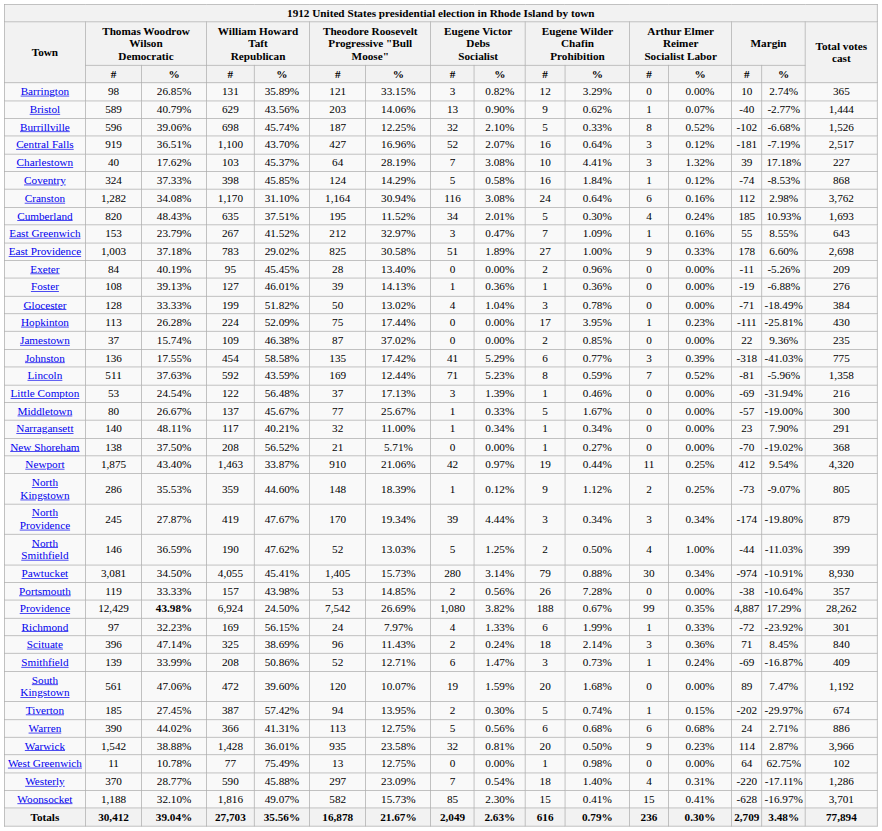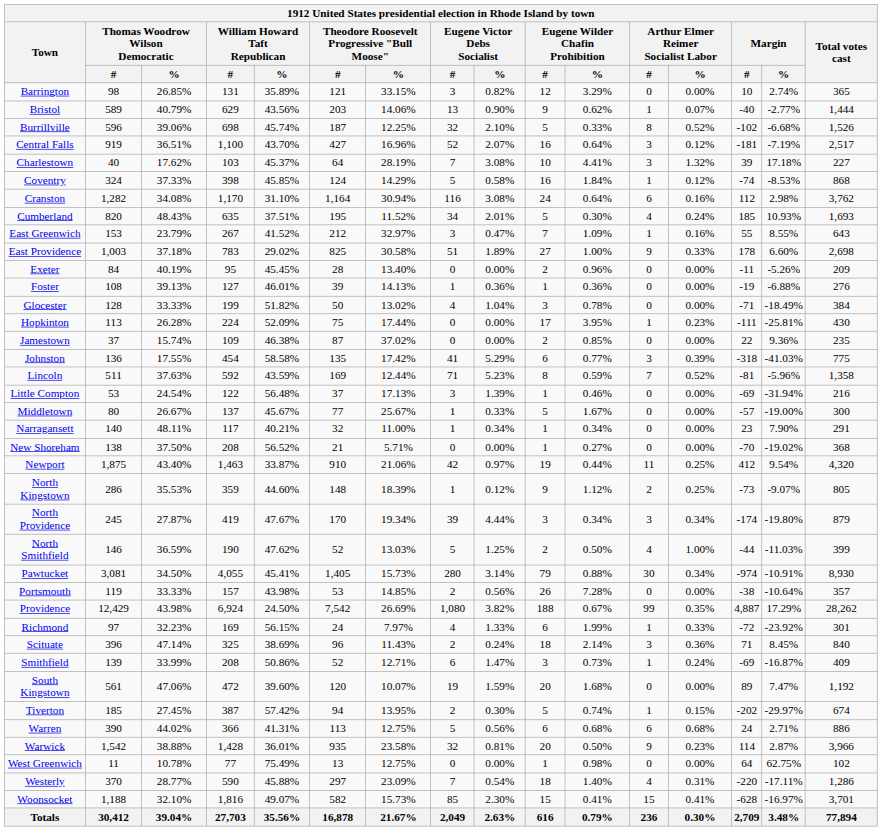 <table class="wikitable sortable mw-collapsible mw-collapsed">
 <tr>
 <th colspan="16">1912 United States presidential election in Rhode Island by town</th>
 </tr>
 <tr>
 <th rowspan="2">Town</th>
 <th colspan="2" style="text-align:center;">Thomas Woodrow Wilson<br>Democratic</th>
 <th colspan="2" style="text-align:center;">William Howard Taft<br>Republican</th>
 <th colspan="2" style="text-align:center;">Theodore Roosevelt<br>Progressive "Bull Moose"</th>
 <th colspan="2" style="text-align:center;">Eugene Victor Debs<br>Socialist</th>
 <th colspan="2" style="text-align:center;">Eugene Wilder Chafin<br>Prohibition</th>
 <th colspan="2" style="text-align:center;">Arthur Elmer Reimer<br>Socialist Labor</th>
 <th colspan="2" style="text-align:center;">Margin</th>
 <th colspan="1" rowspan="2" style="text-align:center;">Total votes cast</th>
 </tr>
 <tr>
 <th style="text-align:center;" data-sort-type="number">#</th>
 <th style="text-align:center;" data-sort-type="number">%</th>
 <th style="text-align:center;" data-sort-type="number">#</th>
 <th style="text-align:center;" data-sort-type="number">%</th>
 <th style="text-align:center;" data-sort-type="number">#</th>
 <th style="text-align:center;" data-sort-type="number">%</th>
 <th style="text-align:center;" data-sort-type="number">#</th>
 <th style="text-align:center;" data-sort-type="number">%</th>
 <th style="text-align:center;" data-sort-type="number">#</th>
 <th style="text-align:center;" data-sort-type="number">%</th>
 <th style="text-align:center;" data-sort-type="number">#</th>
 <th style="text-align:center;" data-sort-type="number">%</th>
 <th style="text-align:center;" data-sort-type="number">#</th>
 <th style="text-align:center;" data-sort-type="number">%</th>
 </tr>
 <tr style="text-align:center;">
 <td><a href='#'>Barrington</a></td>
 <td>98</td>
 <td>26.85%</td>
 <td>131</td>
 <td>35.89%</td>
 <td>121</td>
 <td>33.15%</td>
 <td>3</td>
 <td>0.82%</td>
 <td>12</td>
 <td>3.29%</td>
 <td>0</td>
 <td>0.00%</td>
 <td>10</td>
 <td>2.74%</td>
 <td>365</td>
 </tr>
 <tr style="text-align:center;">
 <td><a href='#'>Bristol</a></td>
 <td>589</td>
 <td>40.79%</td>
 <td>629</td>
 <td>43.56%</td>
 <td>203</td>
 <td>14.06%</td>
 <td>13</td>
 <td>0.90%</td>
 <td>9</td>
 <td>0.62%</td>
 <td>1</td>
 <td>0.07%</td>
 <td>-40</td>
 <td>-2.77%</td>
 <td>1,444</td>
 </tr>
 <tr style="text-align:center;">
 <td><a href='#'>Burrillville</a></td>
 <td>596</td>
 <td>39.06%</td>
 <td>698</td>
 <td>45.74%</td>
 <td>187</td>
 <td>12.25%</td>
 <td>32</td>
 <td>2.10%</td>
 <td>5</td>
 <td>0.33%</td>
 <td>8</td>
 <td>0.52%</td>
 <td>-102</td>
 <td>-6.68%</td>
 <td>1,526</td>
 </tr>
 <tr style="text-align:center;">
 <td><a href='#'>Central Falls</a></td>
 <td>919</td>
 <td>36.51%</td>
 <td>1,100</td>
 <td>43.70%</td>
 <td>427</td>
 <td>16.96%</td>
 <td>52</td>
 <td>2.07%</td>
 <td>16</td>
 <td>0.64%</td>
 <td>3</td>
 <td>0.12%</td>
 <td>-181</td>
 <td>-7.19%</td>
 <td>2,517</td>
 </tr>
 <tr style="text-align:center;">
 <td><a href='#'>Charlestown</a></td>
 <td>40</td>
 <td>17.62%</td>
 <td>103</td>
 <td>45.37%</td>
 <td>64</td>
 <td>28.19%</td>
 <td>7</td>
 <td>3.08%</td>
 <td>10</td>
 <td>4.41%</td>
 <td>3</td>
 <td>1.32%</td>
 <td>39</td>
 <td>17.18%</td>
 <td>227</td>
 </tr>
 <tr style="text-align:center;">
 <td><a href='#'>Coventry</a></td>
 <td>324</td>
 <td>37.33%</td>
 <td>398</td>
 <td>45.85%</td>
 <td>124</td>
 <td>14.29%</td>
 <td>5</td>
 <td>0.58%</td>
 <td>16</td>
 <td>1.84%</td>
 <td>1</td>
 <td>0.12%</td>
 <td>-74</td>
 <td>-8.53%</td>
 <td>868</td>
 </tr>
 <tr style="text-align:center;">
 <td><a href='#'>Cranston</a></td>
 <td>1,282</td>
 <td>34.08%</td>
 <td>1,170</td>
 <td>31.10%</td>
 <td>1,164</td>
 <td>30.94%</td>
 <td>116</td>
 <td>3.08%</td>
 <td>24</td>
 <td>0.64%</td>
 <td>6</td>
 <td>0.16%</td>
 <td>112</td>
 <td>2.98%</td>
 <td>3,762</td>
 </tr>
 <tr style="text-align:center;">
 <td><a href='#'>Cumberland</a></td>
 <td>820</td>
 <td>48.43%</td>
 <td>635</td>
 <td>37.51%</td>
 <td>195</td>
 <td>11.52%</td>
 <td>34</td>
 <td>2.01%</td>
 <td>5</td>
 <td>0.30%</td>
 <td>4</td>
 <td>0.24%</td>
 <td>185</td>
 <td>10.93%</td>
 <td>1,693</td>
 </tr>
 <tr style="text-align:center;">
 <td><a href='#'>East Greenwich</a></td>
 <td>153</td>
 <td>23.79%</td>
 <td>267</td>
 <td>41.52%</td>
 <td>212</td>
 <td>32.97%</td>
 <td>3</td>
 <td>0.47%</td>
 <td>7</td>
 <td>1.09%</td>
 <td>1</td>
 <td>0.16%</td>
 <td>55</td>
 <td>8.55%</td>
 <td>643</td>
 </tr>
 <tr style="text-align:center;">
 <td><a href='#'>East Providence</a></td>
 <td>1,003</td>
 <td>37.18%</td>
 <td>783</td>
 <td>29.02%</td>
 <td>825</td>
 <td>30.58%</td>
 <td>51</td>
 <td>1.89%</td>
 <td>27</td>
 <td>1.00%</td>
 <td>9</td>
 <td>0.33%</td>
 <td>178</td>
 <td>6.60%</td>
 <td>2,698</td>
 </tr>
 <tr style="text-align:center;">
 <td><a href='#'>Exeter</a></td>
 <td>84</td>
 <td>40.19%</td>
 <td>95</td>
 <td>45.45%</td>
 <td>28</td>
 <td>13.40%</td>
 <td>0</td>
 <td>0.00%</td>
 <td>2</td>
 <td>0.96%</td>
 <td>0</td>
 <td>0.00%</td>
 <td>-11</td>
 <td>-5.26%</td>
 <td>209</td>
 </tr>
 <tr style="text-align:center;">
 <td><a href='#'>Foster</a></td>
 <td>108</td>
 <td>39.13%</td>
 <td>127</td>
 <td>46.01%</td>
 <td>39</td>
 <td>14.13%</td>
 <td>1</td>
 <td>0.36%</td>
 <td>1</td>
 <td>0.36%</td>
 <td>0</td>
 <td>0.00%</td>
 <td>-19</td>
 <td>-6.88%</td>
 <td>276</td>
 </tr>
 <tr style="text-align:center;">
 <td><a href='#'>Glocester</a></td>
 <td>128</td>
 <td>33.33%</td>
 <td>199</td>
 <td>51.82%</td>
 <td>50</td>
 <td>13.02%</td>
 <td>4</td>
 <td>1.04%</td>
 <td>3</td>
 <td>0.78%</td>
 <td>0</td>
 <td>0.00%</td>
 <td>-71</td>
 <td>-18.49%</td>
 <td>384</td>
 </tr>
 <tr style="text-align:center;">
 <td><a href='#'>Hopkinton</a></td>
 <td>113</td>
 <td>26.28%</td>
 <td>224</td>
 <td>52.09%</td>
 <td>75</td>
 <td>17.44%</td>
 <td>0</td>
 <td>0.00%</td>
 <td>17</td>
 <td>3.95%</td>
 <td>1</td>
 <td>0.23%</td>
 <td>-111</td>
 <td>-25.81%</td>
 <td>430</td>
 </tr>
 <tr style="text-align:center;">
 <td><a href='#'>Jamestown</a></td>
 <td>37</td>
 <td>15.74%</td>
 <td>109</td>
 <td>46.38%</td>
 <td>87</td>
 <td>37.02%</td>
 <td>0</td>
 <td>0.00%</td>
 <td>2</td>
 <td>0.85%</td>
 <td>0</td>
 <td>0.00%</td>
 <td>22</td>
 <td>9.36%</td>
 <td>235</td>
 </tr>
 <tr style="text-align:center;">
 <td><a href='#'>Johnston</a></td>
 <td>136</td>
 <td>17.55%</td>
 <td>454</td>
 <td>58.58%</td>
 <td>135</td>
 <td>17.42%</td>
 <td>41</td>
 <td>5.29%</td>
 <td>6</td>
 <td>0.77%</td>
 <td>3</td>
 <td>0.39%</td>
 <td>-318</td>
 <td>-41.03%</td>
 <td>775</td>
 </tr>
 <tr style="text-align:center;">
 <td><a href='#'>Lincoln</a></td>
 <td>511</td>
 <td>37.63%</td>
 <td>592</td>
 <td>43.59%</td>
 <td>169</td>
 <td>12.44%</td>
 <td>71</td>
 <td>5.23%</td>
 <td>8</td>
 <td>0.59%</td>
 <td>7</td>
 <td>0.52%</td>
 <td>-81</td>
 <td>-5.96%</td>
 <td>1,358</td>
 </tr>
 <tr style="text-align:center;">
 <td><a href='#'>Little Compton</a></td>
 <td>53</td>
 <td>24.54%</td>
 <td>122</td>
 <td>56.48%</td>
 <td>37</td>
 <td>17.13%</td>
 <td>3</td>
 <td>1.39%</td>
 <td>1</td>
 <td>0.46%</td>
 <td>0</td>
 <td>0.00%</td>
 <td>-69</td>
 <td>-31.94%</td>
 <td>216</td>
 </tr>
 <tr style="text-align:center;">
 <td><a href='#'>Middletown</a></td>
 <td>80</td>
 <td>26.67%</td>
 <td>137</td>
 <td>45.67%</td>
 <td>77</td>
 <td>25.67%</td>
 <td>1</td>
 <td>0.33%</td>
 <td>5</td>
 <td>1.67%</td>
 <td>0</td>
 <td>0.00%</td>
 <td>-57</td>
 <td>-19.00%</td>
 <td>300</td>
 </tr>
 <tr style="text-align:center;">
 <td><a href='#'>Narragansett</a></td>
 <td>140</td>
 <td>48.11%</td>
 <td>117</td>
 <td>40.21%</td>
 <td>32</td>
 <td>11.00%</td>
 <td>1</td>
 <td>0.34%</td>
 <td>1</td>
 <td>0.34%</td>
 <td>0</td>
 <td>0.00%</td>
 <td>23</td>
 <td>7.90%</td>
 <td>291</td>
 </tr>
 <tr style="text-align:center;">
 <td><a href='#'>New Shoreham</a></td>
 <td>138</td>
 <td>37.50%</td>
 <td>208</td>
 <td>56.52%</td>
 <td>21</td>
 <td>5.71%</td>
 <td>0</td>
 <td>0.00%</td>
 <td>1</td>
 <td>0.27%</td>
 <td>0</td>
 <td>0.00%</td>
 <td>-70</td>
 <td>-19.02%</td>
 <td>368</td>
 </tr>
 <tr style="text-align:center;">
 <td><a href='#'>Newport</a></td>
 <td>1,875</td>
 <td>43.40%</td>
 <td>1,463</td>
 <td>33.87%</td>
 <td>910</td>
 <td>21.06%</td>
 <td>42</td>
 <td>0.97%</td>
 <td>19</td>
 <td>0.44%</td>
 <td>11</td>
 <td>0.25%</td>
 <td>412</td>
 <td>9.54%</td>
 <td>4,320</td>
 </tr>
 <tr style="text-align:center;">
 <td><a href='#'>North Kingstown</a></td>
 <td>286</td>
 <td>35.53%</td>
 <td>359</td>
 <td>44.60%</td>
 <td>148</td>
 <td>18.39%</td>
 <td>1</td>
 <td>0.12%</td>
 <td>9</td>
 <td>1.12%</td>
 <td>2</td>
 <td>0.25%</td>
 <td>-73</td>
 <td>-9.07%</td>
 <td>805</td>
 </tr>
 <tr style="text-align:center;">
 <td><a href='#'>North Providence</a></td>
 <td>245</td>
 <td>27.87%</td>
 <td>419</td>
 <td>47.67%</td>
 <td>170</td>
 <td>19.34%</td>
 <td>39</td>
 <td>4.44%</td>
 <td>3</td>
 <td>0.34%</td>
 <td>3</td>
 <td>0.34%</td>
 <td>-174</td>
 <td>-19.80%</td>
 <td>879</td>
 </tr>
 <tr style="text-align:center;">
 <td><a href='#'>North Smithfield</a></td>
 <td>146</td>
 <td>36.59%</td>
 <td>190</td>
 <td>47.62%</td>
 <td>52</td>
 <td>13.03%</td>
 <td>5</td>
 <td>1.25%</td>
 <td>2</td>
 <td>0.50%</td>
 <td>4</td>
 <td>1.00%</td>
 <td>-44</td>
 <td>-11.03%</td>
 <td>399</td>
 </tr>
 <tr style="text-align:center;">
 <td><a href='#'>Pawtucket</a></td>
 <td>3,081</td>
 <td>34.50%</td>
 <td>4,055</td>
 <td>45.41%</td>
 <td>1,405</td>
 <td>15.73%</td>
 <td>280</td>
 <td>3.14%</td>
 <td>79</td>
 <td>0.88%</td>
 <td>30</td>
 <td>0.34%</td>
 <td>-974</td>
 <td>-10.91%</td>
 <td>8,930</td>
 </tr>
 <tr style="text-align:center;">
 <td><a href='#'>Portsmouth</a></td>
 <td>119</td>
 <td>33.33%</td>
 <td>157</td>
 <td>43.98%</td>
 <td>53</td>
 <td>14.85%</td>
 <td>2</td>
 <td>0.56%</td>
 <td>26</td>
 <td>7.28%</td>
 <td>0</td>
 <td>0.00%</td>
 <td>-38</td>
 <td>-10.64%</td>
 <td>357</td>
 </tr>
 <tr style="text-align:center;">
 <td><a href='#'>Providence</a></td>
 <td>12,429</td>
-<td><strong>43.98%</strong></td>
+<td>43.98%</td>
 <td>6,924</td>
 <td>24.50%</td>
 <td>7,542</td>
 <td>26.69%</td>
 <td>1,080</td>
 <td>3.82%</td>
 <td>188</td>
 <td>0.67%</td>
 <td>99</td>
 <td>0.35%</td>
 <td>4,887</td>
 <td>17.29%</td>
 <td>28,262</td>
 </tr>
 <tr style="text-align:center;">
 <td><a href='#'>Richmond</a></td>
 <td>97</td>
 <td>32.23%</td>
 <td>169</td>
 <td>56.15%</td>
 <td>24</td>
 <td>7.97%</td>
 <td>4</td>
 <td>1.33%</td>
 <td>6</td>
 <td>1.99%</td>
 <td>1</td>
 <td>0.33%</td>
 <td>-72</td>
 <td>-23.92%</td>
 <td>301</td>
 </tr>
 <tr style="text-align:center;">
 <td><a href='#'>Scituate</a></td>
 <td>396</td>
 <td>47.14%</td>
 <td>325</td>
 <td>38.69%</td>
 <td>96</td>
 <td>11.43%</td>
 <td>2</td>
 <td>0.24%</td>
 <td>18</td>
 <td>2.14%</td>
 <td>3</td>
 <td>0.36%</td>
 <td>71</td>
 <td>8.45%</td>
 <td>840</td>
 </tr>
 <tr style="text-align:center;">
 <td><a href='#'>Smithfield</a></td>
 <td>139</td>
 <td>33.99%</td>
 <td>208</td>
 <td>50.86%</td>
 <td>52</td>
 <td>12.71%</td>
 <td>6</td>
 <td>1.47%</td>
 <td>3</td>
 <td>0.73%</td>
 <td>1</td>
 <td>0.24%</td>
 <td>-69</td>
 <td>-16.87%</td>
 <td>409</td>
 </tr>
 <tr style="text-align:center;">
 <td><a href='#'>South Kingstown</a></td>
 <td>561</td>
 <td>47.06%</td>
 <td>472</td>
 <td>39.60%</td>
 <td>120</td>
 <td>10.07%</td>
 <td>19</td>
 <td>1.59%</td>
 <td>20</td>
 <td>1.68%</td>
 <td>0</td>
 <td>0.00%</td>
 <td>89</td>
 <td>7.47%</td>
 <td>1,192</td>
 </tr>
 <tr style="text-align:center;">
 <td><a href='#'>Tiverton</a></td>
 <td>185</td>
 <td>27.45%</td>
 <td>387</td>
 <td>57.42%</td>
 <td>94</td>
 <td>13.95%</td>
 <td>2</td>
 <td>0.30%</td>
 <td>5</td>
 <td>0.74%</td>
 <td>1</td>
 <td>0.15%</td>
 <td>-202</td>
 <td>-29.97%</td>
 <td>674</td>
 </tr>
 <tr style="text-align:center;">
 <td><a href='#'>Warren</a></td>
 <td>390</td>
 <td>44.02%</td>
 <td>366</td>
 <td>41.31%</td>
 <td>113</td>
 <td>12.75%</td>
 <td>5</td>
 <td>0.56%</td>
 <td>6</td>
 <td>0.68%</td>
 <td>6</td>
 <td>0.68%</td>
 <td>24</td>
 <td>2.71%</td>
 <td>886</td>
 </tr>
 <tr style="text-align:center;">
 <td><a href='#'>Warwick</a></td>
 <td>1,542</td>
 <td>38.88%</td>
 <td>1,428</td>
 <td>36.01%</td>
 <td>935</td>
 <td>23.58%</td>
 <td>32</td>
 <td>0.81%</td>
 <td>20</td>
 <td>0.50%</td>
 <td>9</td>
 <td>0.23%</td>
 <td>114</td>
 <td>2.87%</td>
 <td>3,966</td>
 </tr>
 <tr style="text-align:center;">
 <td><a href='#'>West Greenwich</a></td>
 <td>11</td>
 <td>10.78%</td>
 <td>77</td>
 <td>75.49%</td>
 <td>13</td>
 <td>12.75%</td>
 <td>0</td>
 <td>0.00%</td>
 <td>1</td>
 <td>0.98%</td>
 <td>0</td>
 <td>0.00%</td>
 <td>64</td>
 <td>62.75%</td>
 <td>102</td>
 </tr>
 <tr style="text-align:center;">
 <td><a href='#'>Westerly</a></td>
 <td>370</td>
 <td>28.77%</td>
 <td>590</td>
 <td>45.88%</td>
 <td>297</td>
 <td>23.09%</td>
 <td>7</td>
 <td>0.54%</td>
 <td>18</td>
 <td>1.40%</td>
 <td>4</td>
 <td>0.31%</td>
 <td>-220</td>
 <td>-17.11%</td>
 <td>1,286</td>
 </tr>
 <tr style="text-align:center;">
 <td><a href='#'>Woonsocket</a></td>
 <td>1,188</td>
 <td>32.10%</td>
 <td>1,816</td>
 <td>49.07%</td>
 <td>582</td>
 <td>15.73%</td>
 <td>85</td>
 <td>2.30%</td>
 <td>15</td>
 <td>0.41%</td>
 <td>15</td>
 <td>0.41%</td>
 <td>-628</td>
 <td>-16.97%</td>
 <td>3,701</td>
 </tr>
 <tr style="text-align:center;">
 <th>Totals</th>
 <th>30,412</th>
 <th>39.04%</th>
 <th>27,703</th>
 <th>35.56%</th>
 <th>16,878</th>
 <th>21.67%</th>
 <th>2,049</th>
 <th>2.63%</th>
 <th>616</th>
 <th>0.79%</th>
 <th>236</th>
 <th>0.30%</th>
 <th>2,709</th>
 <th>3.48%</th>
 <th>77,894</th>
 </tr>
 </table>
